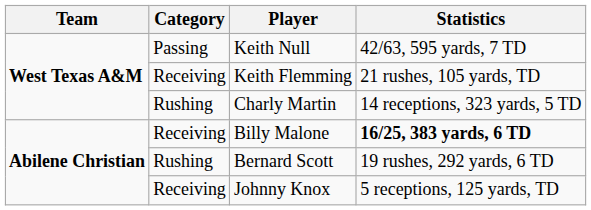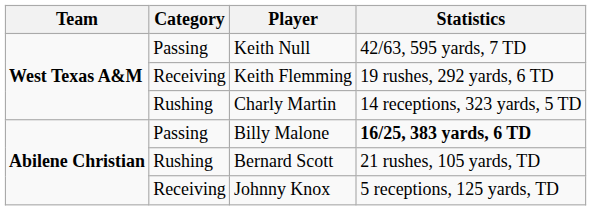 <table class="wikitable" style="float: right;">
 <tr>
 <th>Team</th>
 <th>Category</th>
 <th>Player</th>
 <th>Statistics</th>
 </tr>
 <tr>
 <td rowspan=3><strong>West Texas A&M</strong></td>
 <td>Passing</td>
 <td>Keith Null</td>
 <td>42/63, 595 yards, 7 TD</td>
 </tr>
 <tr>
 <td>Receiving</td>
 <td>Keith Flemming</td>
-<td>21 rushes, 105 yards, TD</td>
+<td>19 rushes, 292 yards, 6 TD</td>
 </tr>
 <tr>
 <td>Rushing</td>
 <td>Charly Martin</td>
 <td>14 receptions, 323 yards, 5 TD</td>
 </tr>
 <tr>
 <td rowspan=3><strong>Abilene Christian</strong></td>
-<td>Receiving</td>
+<td>Passing</td>
 <td>Billy Malone</td>
 <td><strong>16/25, 383 yards, 6 TD</strong></td>
 </tr>
 <tr>
 <td>Rushing</td>
 <td>Bernard Scott</td>
-<td>19 rushes, 292 yards, 6 TD</td>
+<td>21 rushes, 105 yards, TD</td>
 </tr>
 <tr>
 <td>Receiving</td>
 <td>Johnny Knox</td>
 <td>5 receptions, 125 yards, TD</td>
 </tr>
 </table>
